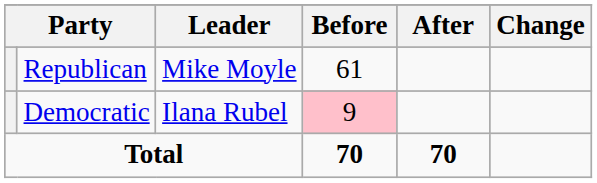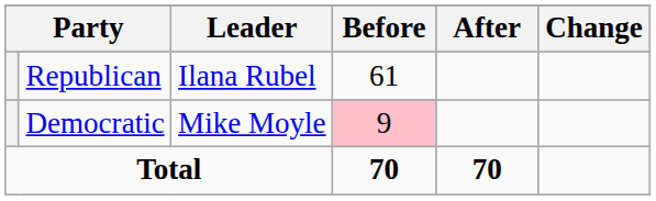 <table class="wikitable" style="text-align:center;">
 <tr>
 </tr>
 <tr>
 <th colspan="2">Party</th>
 <th>Leader</th>
 <th style="width:3em">Before</th>
 <th style="width:3em">After</th>
 <th style="width:3em">Change</th>
 </tr>
 <tr>
 <th style="background-color:"></th>
 <td style="text-align:left;"><a href='#'>Republican</a></td>
-<td style="text-align:left;"><a href='#'>Mike Moyle</a></td>
+<td style="text-align:left;"><a href='#'>Ilana Rubel</a></td>
 <td>61</td>
 <td></td>
 <td></td>
 </tr>
 <tr>
 <th style="background-color:"></th>
 <td style="text-align:left;"><a href='#'>Democratic</a></td>
-<td style="text-align:left;"><a href='#'>Ilana Rubel</a></td>
+<td style="text-align:left;"><a href='#'>Mike Moyle</a></td>
 <td style="background: pink;">9</td>
 <td></td>
 <td></td>
 </tr>
 <tr>
 <td colspan="3"><strong>Total</strong></td>
 <td><strong>70</strong></td>
 <td><strong>70</strong></td>
 <td></td>
 </tr>
 </table>
